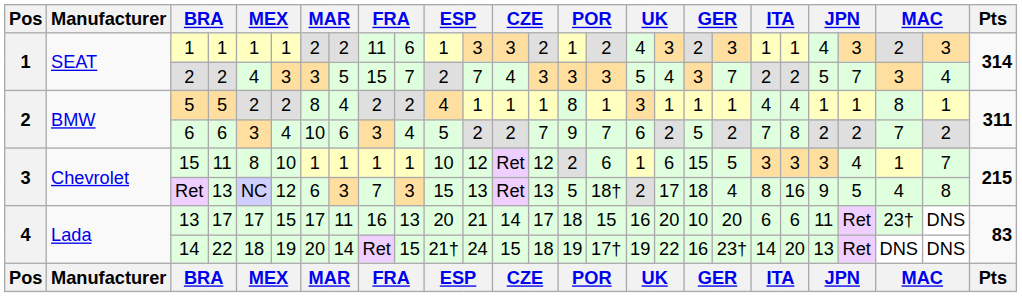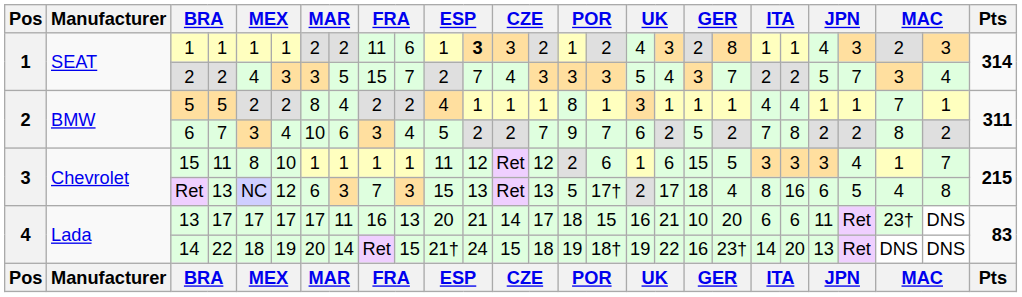 <table align=left| class="wikitable" style="font-size: 85%; text-align: center">
 <tr valign="top">
 <th valign=middle>Pos</th>
 <th valign=middle>Manufacturer</th>
 <th colspan=2><a href='#'>BRA</a><br></th>
 <th colspan=2><a href='#'>MEX</a><br></th>
 <th colspan=2><a href='#'>MAR</a><br></th>
 <th colspan=2><a href='#'>FRA</a><br></th>
 <th colspan=2><a href='#'>ESP</a><br></th>
 <th colspan=2><a href='#'>CZE</a><br></th>
 <th colspan=2><a href='#'>POR</a><br></th>
 <th colspan=2><a href='#'>UK</a><br></th>
 <th colspan=2><a href='#'>GER</a><br></th>
 <th colspan=2><a href='#'>ITA</a><br></th>
 <th colspan=2><a href='#'>JPN</a><br></th>
 <th colspan=2><a href='#'>MAC</a><br></th>
 <th valign=middle> Pts </th>
 </tr>
 <tr>
 <th rowspan=2>1</th>
 <td align="left" rowspan=2> <a href='#'>SEAT</a></td>
 <td style="background:#ffffbf;">1</td>
 <td style="background:#ffffbf;">1</td>
 <td style="background:#ffffbf;">1</td>
 <td style="background:#ffffbf;">1</td>
 <td style="background:#dfdfdf;">2</td>
 <td style="background:#dfdfdf;">2</td>
 <td style="background:#dfffdf;">11</td>
 <td style="background:#dfffdf;">6</td>
 <td style="background:#ffffbf;">1</td>
-<td style="background:#ffdf9f;">3</td>
+<td style="background:#ffdf9f;"><strong>3</strong></td>
 <td style="background:#ffdf9f;">3</td>
 <td style="background:#dfdfdf;">2</td>
 <td style="background:#ffffbf;">1</td>
 <td style="background:#dfdfdf;">2</td>
 <td style="background:#dfffdf;">4</td>
 <td style="background:#ffdf9f;">3</td>
 <td style="background:#dfdfdf;">2</td>
-<td style="background:#ffdf9f;">3</td>
+<td style="background:#ffdf9f;">8</td>
 <td style="background:#ffffbf;">1</td>
 <td style="background:#ffffbf;">1</td>
 <td style="background:#dfffdf;">4</td>
 <td style="background:#ffdf9f;">3</td>
 <td style="background:#dfdfdf;">2</td>
 <td style="background:#ffdf9f;">3</td>
 <td align="right" rowspan=2><strong>314</strong></td>
 </tr>
 <tr>
 <td style="background:#dfdfdf;">2</td>
 <td style="background:#dfdfdf;">2</td>
 <td style="background:#dfffdf;">4</td>
 <td style="background:#ffdf9f;">3</td>
 <td style="background:#ffdf9f;">3</td>
 <td style="background:#dfffdf;">5</td>
 <td style="background:#dfffdf;">15</td>
 <td style="background:#dfffdf;">7</td>
 <td style="background:#dfdfdf;">2</td>
 <td style="background:#dfffdf;">7</td>
 <td style="background:#dfffdf;">4</td>
 <td style="background:#ffdf9f;">3</td>
 <td style="background:#ffdf9f;">3</td>
 <td style="background:#ffdf9f;">3</td>
 <td style="background:#dfffdf;">5</td>
 <td style="background:#dfffdf;">4</td>
 <td style="background:#ffdf9f;">3</td>
 <td style="background:#dfffdf;">7</td>
 <td style="background:#dfdfdf;">2</td>
 <td style="background:#dfdfdf;">2</td>
 <td style="background:#dfffdf;">5</td>
 <td style="background:#dfffdf;">7</td>
 <td style="background:#ffdf9f;">3</td>
 <td style="background:#dfffdf;">4</td>
 </tr>
 <tr>
 <th rowspan=2>2</th>
 <td align="left" rowspan=2> <a href='#'>BMW</a></td>
 <td style="background:#ffdf9f;">5</td>
 <td style="background:#ffdf9f;">5</td>
 <td style="background:#dfdfdf;">2</td>
 <td style="background:#dfdfdf;">2</td>
 <td style="background:#dfffdf;">8</td>
 <td style="background:#dfffdf;">4</td>
 <td style="background:#dfdfdf;">2</td>
 <td style="background:#dfdfdf;">2</td>
 <td style="background:#ffdf9f;">4</td>
 <td style="background:#ffffbf;">1</td>
 <td style="background:#ffffbf;">1</td>
 <td style="background:#ffffbf;">1</td>
 <td style="background:#dfffdf;">8</td>
 <td style="background:#ffffbf;">1</td>
 <td style="background:#ffdf9f;">3</td>
 <td style="background:#ffffbf;">1</td>
 <td style="background:#ffffbf;">1</td>
 <td style="background:#ffffbf;">1</td>
 <td style="background:#dfffdf;">4</td>
 <td style="background:#dfffdf;">4</td>
 <td style="background:#ffffbf;">1</td>
 <td style="background:#ffffbf;">1</td>
-<td style="background:#dfffdf;">8</td>
+<td style="background:#dfffdf;">7</td>
 <td style="background:#ffffbf;">1</td>
 <td align="right" rowspan=2><strong>311</strong></td>
 </tr>
 <tr>
 <td style="background:#dfffdf;">6</td>
-<td style="background:#dfffdf;">6</td>
+<td style="background:#dfffdf;">7</td>
 <td style="background:#ffdf9f;">3</td>
 <td style="background:#dfffdf;">4</td>
 <td style="background:#dfffdf;">10</td>
 <td style="background:#dfffdf;">6</td>
 <td style="background:#ffdf9f;">3</td>
 <td style="background:#dfffdf;">4</td>
 <td style="background:#dfffdf;">5</td>
 <td style="background:#dfdfdf;">2</td>
 <td style="background:#dfdfdf;">2</td>
 <td style="background:#dfffdf;">7</td>
 <td style="background:#dfffdf;">9</td>
 <td style="background:#dfffdf;">7</td>
 <td style="background:#dfffdf;">6</td>
 <td style="background:#dfdfdf;">2</td>
 <td style="background:#dfffdf;">5</td>
 <td style="background:#dfdfdf;">2</td>
 <td style="background:#dfffdf;">7</td>
 <td style="background:#dfffdf;">8</td>
 <td style="background:#dfdfdf;">2</td>
 <td style="background:#dfdfdf;">2</td>
-<td style="background:#dfffdf;">7</td>
+<td style="background:#dfffdf;">8</td>
 <td style="background:#dfdfdf;">2</td>
 </tr>
 <tr>
 <th rowspan=2>3</th>
 <td align="left" rowspan=2> <a href='#'>Chevrolet</a></td>
 <td style="background:#dfffdf;">15</td>
 <td style="background:#dfffdf;">11</td>
 <td style="background:#dfffdf;">8</td>
 <td style="background:#dfffdf;">10</td>
 <td style="background:#ffffbf;">1</td>
 <td style="background:#ffffbf;">1</td>
 <td style="background:#ffffbf;">1</td>
 <td style="background:#ffffbf;">1</td>
-<td style="background:#dfffdf;">10</td>
+<td style="background:#dfffdf;">11</td>
 <td style="background:#dfffdf;">12</td>
 <td style="background:#efcfff;">Ret</td>
 <td style="background:#dfffdf;">12</td>
 <td style="background:#dfdfdf;">2</td>
 <td style="background:#dfffdf;">6</td>
 <td style="background:#ffffbf;">1</td>
 <td style="background:#dfffdf;">6</td>
 <td style="background:#dfffdf;">15</td>
 <td style="background:#dfffdf;">5</td>
 <td style="background:#ffdf9f;">3</td>
 <td style="background:#ffdf9f;">3</td>
 <td style="background:#ffdf9f;">3</td>
 <td style="background:#dfffdf;">4</td>
 <td style="background:#ffffbf;">1</td>
 <td style="background:#dfffdf;">7</td>
 <td align="right" rowspan=2><strong>215</strong></td>
 </tr>
 <tr>
 <td style="background:#efcfff;">Ret</td>
 <td style="background:#dfffdf;">13</td>
 <td style="background:#cfcfff;">NC</td>
 <td style="background:#dfffdf;">12</td>
 <td style="background:#dfffdf;">6</td>
 <td style="background:#ffdf9f;">3</td>
 <td style="background:#dfffdf;">7</td>
 <td style="background:#ffdf9f;">3</td>
 <td style="background:#dfffdf;">15</td>
 <td style="background:#dfffdf;">13</td>
 <td style="background:#efcfff;">Ret</td>
 <td style="background:#dfffdf;">13</td>
 <td style="background:#dfffdf;">5</td>
-<td style="background:#dfffdf;">18†</td>
+<td style="background:#dfffdf;">17†</td>
 <td style="background:#dfdfdf;">2</td>
 <td style="background:#dfffdf;">17</td>
 <td style="background:#dfffdf;">18</td>
 <td style="background:#dfffdf;">4</td>
 <td style="background:#dfffdf;">8</td>
 <td style="background:#dfffdf;">16</td>
-<td style="background:#dfffdf;">9</td>
+<td style="background:#dfffdf;">6</td>
 <td style="background:#dfffdf;">5</td>
 <td style="background:#dfffdf;">4</td>
 <td style="background:#dfffdf;">8</td>
 </tr>
 <tr>
 <th rowspan=2>4</th>
 <td align="left" rowspan=2> <a href='#'>Lada</a></td>
 <td style="background:#dfffdf;">13</td>
 <td style="background:#dfffdf;">17</td>
 <td style="background:#dfffdf;">17</td>
-<td style="background:#dfffdf;">15</td>
+<td style="background:#dfffdf;">17</td>
 <td style="background:#dfffdf;">17</td>
 <td style="background:#dfffdf;">11</td>
 <td style="background:#dfffdf;">16</td>
 <td style="background:#dfffdf;">13</td>
 <td style="background:#dfffdf;">20</td>
 <td style="background:#dfffdf;">21</td>
 <td style="background:#dfffdf;">14</td>
 <td style="background:#dfffdf;">17</td>
 <td style="background:#dfffdf;">18</td>
 <td style="background:#dfffdf;">15</td>
 <td style="background:#dfffdf;">16</td>
-<td style="background:#dfffdf;">20</td>
+<td style="background:#dfffdf;">21</td>
 <td style="background:#dfffdf;">10</td>
 <td style="background:#dfffdf;">20</td>
 <td style="background:#dfffdf;">6</td>
 <td style="background:#dfffdf;">6</td>
 <td style="background:#dfffdf;">11</td>
 <td style="background:#efcfff;">Ret</td>
 <td style="background:#dfffdf;">23†</td>
 <td style="background:#ffffff;">DNS</td>
 <td align="right" rowspan=2><strong>83</strong></td>
 </tr>
 <tr>
 <td style="background:#dfffdf;">14</td>
 <td style="background:#dfffdf;">22</td>
 <td style="background:#dfffdf;">18</td>
 <td style="background:#dfffdf;">19</td>
 <td style="background:#dfffdf;">20</td>
 <td style="background:#dfffdf;">14</td>
 <td style="background:#efcfff;">Ret</td>
 <td style="background:#dfffdf;">15</td>
 <td style="background:#dfffdf;">21†</td>
 <td style="background:#dfffdf;">24</td>
 <td style="background:#dfffdf;">15</td>
 <td style="background:#dfffdf;">18</td>
 <td style="background:#dfffdf;">19</td>
-<td style="background:#dfffdf;">17†</td>
+<td style="background:#dfffdf;">18†</td>
 <td style="background:#dfffdf;">19</td>
 <td style="background:#dfffdf;">22</td>
 <td style="background:#dfffdf;">16</td>
 <td style="background:#dfffdf;">23†</td>
 <td style="background:#dfffdf;">14</td>
 <td style="background:#dfffdf;">20</td>
 <td style="background:#dfffdf;">13</td>
 <td style="background:#efcfff;">Ret</td>
 <td style="background:#ffffff;">DNS</td>
 <td style="background:#ffffff;">DNS</td>
 </tr>
 <tr valign="top">
 <th valign=middle>Pos</th>
 <th valign=middle>Manufacturer</th>
 <th colspan=2><a href='#'>BRA</a><br></th>
 <th colspan=2><a href='#'>MEX</a><br></th>
 <th colspan=2><a href='#'>MAR</a><br></th>
 <th colspan=2><a href='#'>FRA</a><br></th>
 <th colspan=2><a href='#'>ESP</a><br></th>
 <th colspan=2><a href='#'>CZE</a><br></th>
 <th colspan=2><a href='#'>POR</a><br></th>
 <th colspan=2><a href='#'>UK</a><br></th>
 <th colspan=2><a href='#'>GER</a><br></th>
 <th colspan=2><a href='#'>ITA</a><br></th>
 <th colspan=2><a href='#'>JPN</a><br></th>
 <th colspan=2><a href='#'>MAC</a><br></th>
 <th valign=middle> Pts </th>
 </tr>
 </table>
